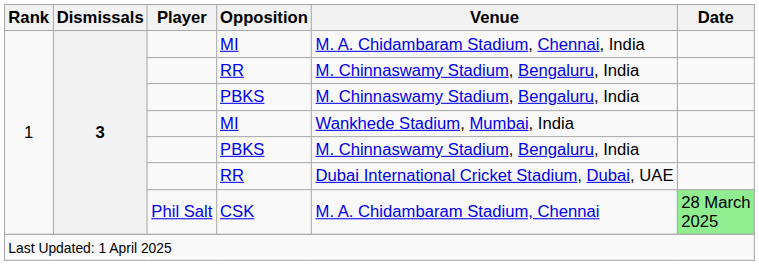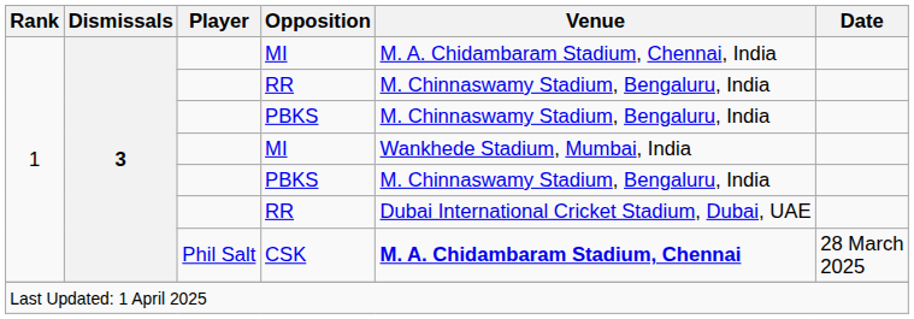 <table class="wikitable">
 <tr>
 <th>Rank</th>
 <th>Dismissals</th>
 <th>Player</th>
 <th>Opposition</th>
 <th>Venue</th>
 <th>Date</th>
 </tr>
 <tr>
 <td rowspan="7" align="center">1</td>
 <th rowspan="7" scope="row" style="text-align:center;">3</th>
 <td></td>
 <td><a href='#'>MI</a></td>
 <td><a href='#'>M. A. Chidambaram Stadium</a>, <a href='#'>Chennai</a>, India</td>
 <td></td>
 </tr>
 <tr>
 <td></td>
 <td><a href='#'>RR</a></td>
 <td><a href='#'>M. Chinnaswamy Stadium</a>, <a href='#'>Bengaluru</a>, India</td>
 <td></td>
 </tr>
 <tr>
 <td></td>
 <td><a href='#'>PBKS</a></td>
 <td><a href='#'>M. Chinnaswamy Stadium</a>, <a href='#'>Bengaluru</a>, India</td>
 <td></td>
 </tr>
 <tr>
 <td></td>
 <td><a href='#'>MI</a></td>
 <td><a href='#'>Wankhede Stadium</a>, <a href='#'>Mumbai</a>, India</td>
 <td></td>
 </tr>
 <tr>
 <td></td>
 <td><a href='#'>PBKS</a></td>
 <td><a href='#'>M. Chinnaswamy Stadium</a>, <a href='#'>Bengaluru</a>, India</td>
 <td></td>
 </tr>
 <tr>
 <td></td>
 <td><a href='#'>RR</a></td>
 <td><a href='#'>Dubai International Cricket Stadium</a>, <a href='#'>Dubai</a>, UAE</td>
 <td></td>
 </tr>
 <tr>
 <td><a href='#'>Phil Salt</a></td>
 <td><a href='#'>CSK</a></td>
-<td><a href='#'>M. A. Chidambaram Stadium, Chennai</a></td>
-<td style="background: lightgreen;">28 March<br>2025</td>
+<td><strong><a href='#'>M. A. Chidambaram Stadium, Chennai</a></strong></td>
+<td>28 March<br>2025</td>
 </tr>
 <tr>
 </tr>
 <tr class=sortbottom>
 <td colspan=6><small>Last Updated: 1 April 2025</small></td>
 </tr>
 </table>
